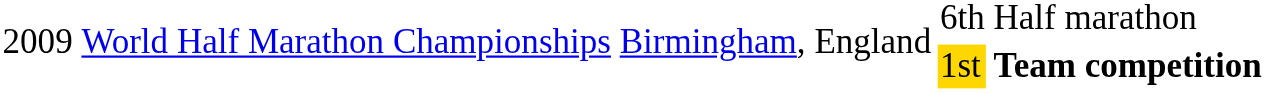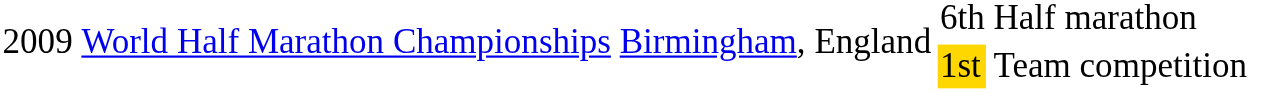 <table>
 <tr>
 <td rowspan=2>2009</td>
 <td rowspan=2><a href='#'>World Half Marathon Championships</a></td>
 <td rowspan=2><a href='#'>Birmingham</a>, England</td>
 <td>6th</td>
 <td>Half marathon</td>
 </tr>
 <tr>
 <td bgcolor=gold>1st</td>
-<td><strong>Team competition</strong></td>
+<td>Team competition</td>
 </tr>
 </table>
